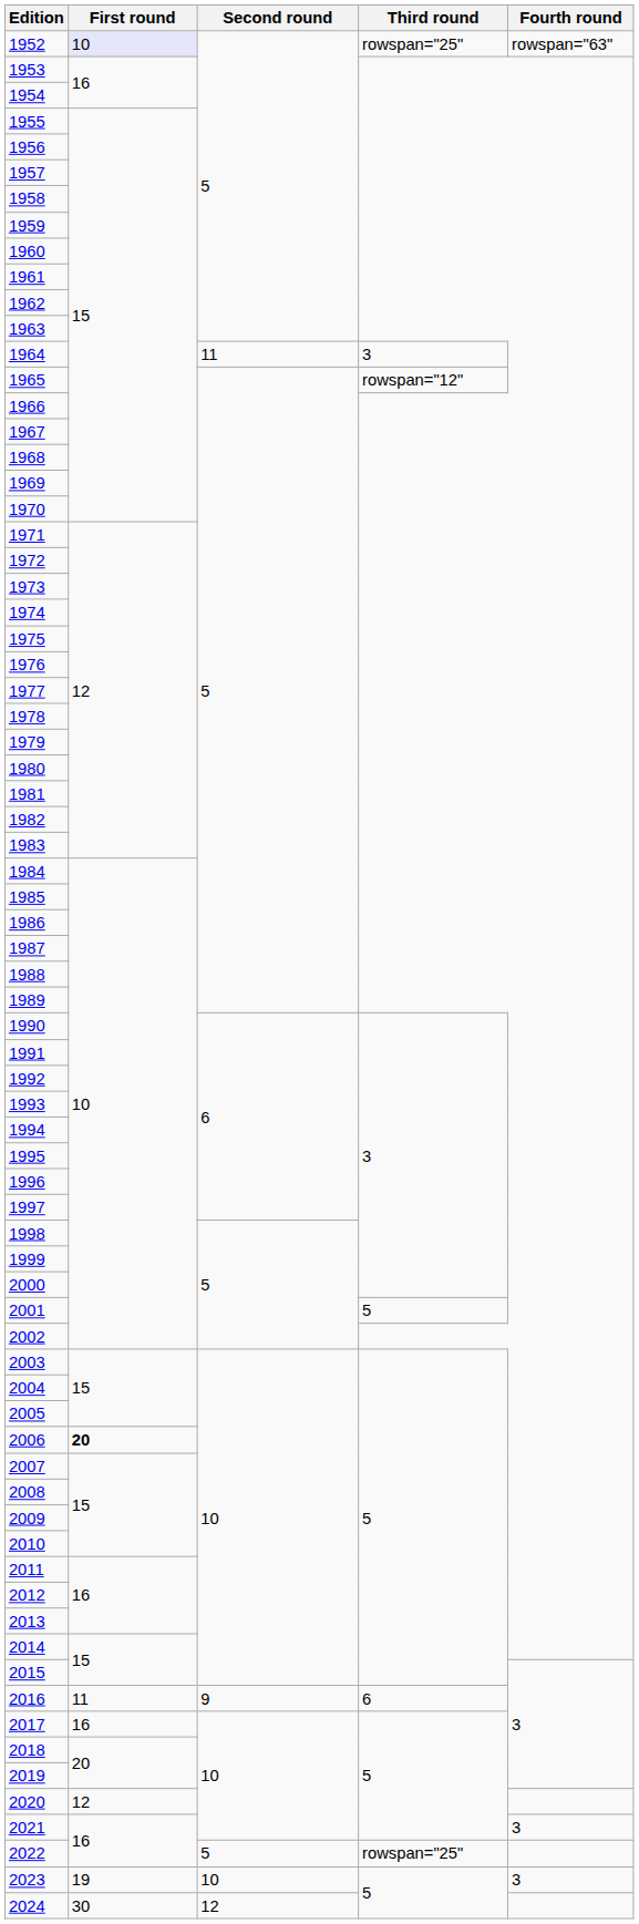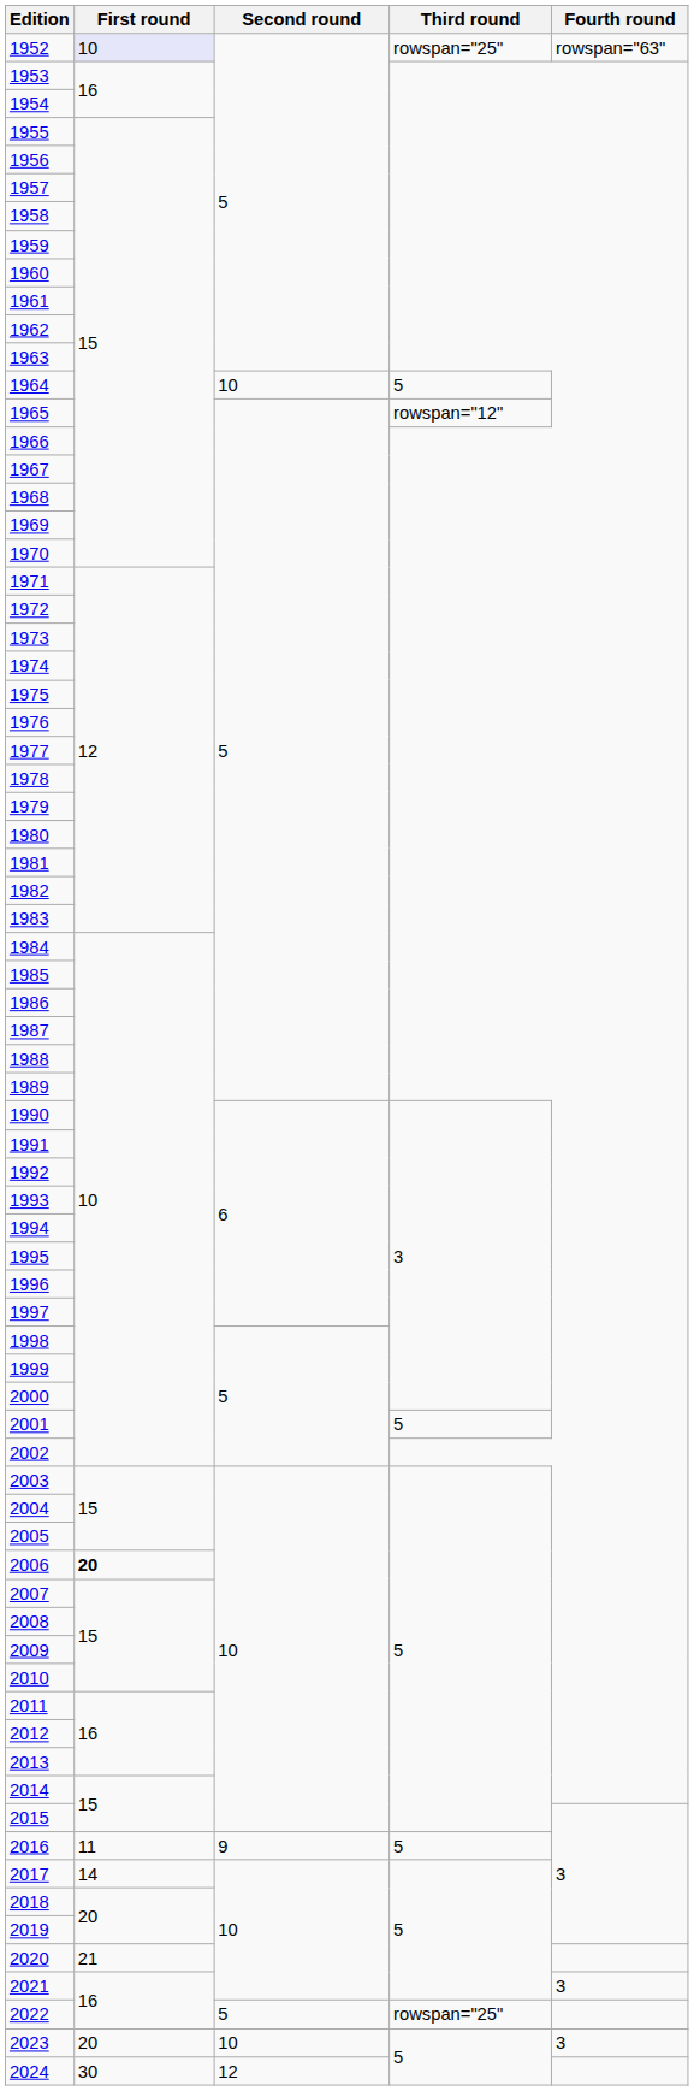 <table class="wikitable sortable" style="font-size: 95%;">
 <tr>
 <th style="width:10%;">Edition</th>
 <th>First round</th>
 <th>Second round</th>
 <th>Third round</th>
 <th style="width:20%;">Fourth round</th>
 </tr>
 <tr>
 <td><a href='#'>1952</a></td>
 <td style="background: lavender;">10</td>
 <td rowspan="12">5</td>
 <td>rowspan="25" </td>
 <td>rowspan="63" </td>
 </tr>
 <tr>
 <td><a href='#'>1953</a></td>
 <td rowspan="2">16</td>
 </tr>
 <tr>
 <td><a href='#'>1954</a></td>
 </tr>
 <tr>
 <td><a href='#'>1955</a></td>
 <td rowspan="16">15</td>
 </tr>
 <tr>
 <td><a href='#'>1956</a></td>
 </tr>
 <tr>
 <td><a href='#'>1957</a></td>
 </tr>
 <tr>
 <td><a href='#'>1958</a></td>
 </tr>
 <tr>
 <td><a href='#'>1959</a></td>
 </tr>
 <tr>
 <td><a href='#'>1960</a></td>
 </tr>
 <tr>
 <td><a href='#'>1961</a></td>
 </tr>
 <tr>
 <td><a href='#'>1962</a></td>
 </tr>
 <tr>
 <td><a href='#'>1963</a></td>
 </tr>
 <tr>
 <td><a href='#'>1964</a></td>
-<td>11</td>
-<td>3</td>
+<td>10</td>
+<td>5</td>
 </tr>
 <tr>
 <td><a href='#'>1965</a></td>
 <td rowspan="25">5</td>
 <td>rowspan="12" </td>
 </tr>
 <tr>
 <td><a href='#'>1966</a></td>
 </tr>
 <tr>
 <td><a href='#'>1967</a></td>
 </tr>
 <tr>
 <td><a href='#'>1968</a></td>
 </tr>
 <tr>
 <td><a href='#'>1969</a></td>
 </tr>
 <tr>
 <td><a href='#'>1970</a></td>
 </tr>
 <tr>
 <td><a href='#'>1971</a></td>
 <td rowspan="13">12</td>
 </tr>
 <tr>
 <td><a href='#'>1972</a></td>
 </tr>
 <tr>
 <td><a href='#'>1973</a></td>
 </tr>
 <tr>
 <td><a href='#'>1974</a></td>
 </tr>
 <tr>
 <td><a href='#'>1975</a></td>
 </tr>
 <tr>
 <td><a href='#'>1976</a></td>
 </tr>
 <tr>
 <td><a href='#'>1977</a></td>
 </tr>
 <tr>
 <td><a href='#'>1978</a></td>
 </tr>
 <tr>
 <td><a href='#'>1979</a></td>
 </tr>
 <tr>
 <td><a href='#'>1980</a></td>
 </tr>
 <tr>
 <td><a href='#'>1981</a></td>
 </tr>
 <tr>
 <td><a href='#'>1982</a></td>
 </tr>
 <tr>
 <td><a href='#'>1983</a></td>
 </tr>
 <tr>
 <td><a href='#'>1984</a></td>
 <td rowspan="19">10</td>
 </tr>
 <tr>
 <td><a href='#'>1985</a></td>
 </tr>
 <tr>
 <td><a href='#'>1986</a></td>
 </tr>
 <tr>
 <td><a href='#'>1987</a></td>
 </tr>
 <tr>
 <td><a href='#'>1988</a></td>
 </tr>
 <tr>
 <td><a href='#'>1989</a></td>
 </tr>
 <tr>
 <td><a href='#'>1990</a></td>
 <td rowspan="8">6</td>
 <td rowspan="11">3</td>
 </tr>
 <tr>
 <td><a href='#'>1991</a></td>
 </tr>
 <tr>
 <td><a href='#'>1992</a></td>
 </tr>
 <tr>
 <td><a href='#'>1993</a></td>
 </tr>
 <tr>
 <td><a href='#'>1994</a></td>
 </tr>
 <tr>
 <td><a href='#'>1995</a></td>
 </tr>
 <tr>
 <td><a href='#'>1996</a></td>
 </tr>
 <tr>
 <td><a href='#'>1997</a></td>
 </tr>
 <tr>
 <td><a href='#'>1998</a></td>
 <td rowspan="5">5</td>
 </tr>
 <tr>
 <td><a href='#'>1999</a></td>
 </tr>
 <tr>
 <td><a href='#'>2000</a></td>
 </tr>
 <tr>
 <td><a href='#'>2001</a></td>
 <td>5</td>
 </tr>
 <tr>
 <td><a href='#'>2002</a></td>
 </tr>
 <tr>
 <td><a href='#'>2003</a></td>
 <td rowspan="3">15</td>
 <td rowspan="13">10</td>
 <td rowspan="13">5</td>
 </tr>
 <tr>
 <td><a href='#'>2004</a></td>
 </tr>
 <tr>
 <td><a href='#'>2005</a></td>
 </tr>
 <tr>
 <td><a href='#'>2006</a></td>
 <td><strong>20</strong></td>
 </tr>
 <tr>
 <td><a href='#'>2007</a></td>
 <td rowspan="4">15</td>
 </tr>
 <tr>
 <td><a href='#'>2008</a></td>
 </tr>
 <tr>
 <td><a href='#'>2009</a></td>
 </tr>
 <tr>
 <td><a href='#'>2010</a></td>
 </tr>
 <tr>
 <td><a href='#'>2011</a></td>
 <td rowspan="3">16</td>
 </tr>
 <tr>
 <td><a href='#'>2012</a></td>
 </tr>
 <tr>
 <td><a href='#'>2013</a></td>
 </tr>
 <tr>
 <td><a href='#'>2014</a></td>
 <td rowspan="2">15</td>
 </tr>
 <tr>
 <td><a href='#'>2015</a></td>
 <td rowspan="5">3</td>
 </tr>
 <tr>
 <td><a href='#'>2016</a></td>
 <td>11</td>
 <td>9</td>
-<td>6</td>
+<td>5</td>
 </tr>
 <tr>
 <td><a href='#'>2017</a></td>
-<td>16</td>
+<td>14</td>
 <td rowspan="5">10</td>
 <td rowspan="5">5</td>
 </tr>
 <tr>
 <td><a href='#'>2018</a></td>
 <td rowspan="2">20</td>
 </tr>
 <tr>
 <td><a href='#'>2019</a></td>
 </tr>
 <tr>
 <td><a href='#'>2020</a></td>
-<td>12</td>
+<td>21</td>
 <td></td>
 </tr>
 <tr>
 <td><a href='#'>2021</a></td>
 <td rowspan="2">16</td>
 <td>3</td>
 </tr>
 <tr>
 <td><a href='#'>2022</a></td>
 <td>5</td>
 <td>rowspan="25" </td>
 <td></td>
 </tr>
 <tr>
 <td><a href='#'>2023</a></td>
-<td>19</td>
+<td>20</td>
 <td>10</td>
 <td rowspan="2">5</td>
 <td>3</td>
 </tr>
 <tr>
 <td><a href='#'>2024</a></td>
 <td>30</td>
 <td>12</td>
 <td></td>
 </tr>
 </table>
